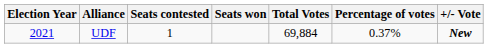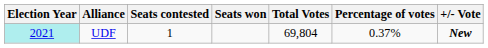 <table class="wikitable" style="text-align:center">
 <tr>
 <th Style="background-color:">Election Year</th>
 <th Style="background-color:">Alliance</th>
 <th Style="background-color:">Seats contested</th>
 <th Style="background-color:">Seats won</th>
 <th Style="background-color:">Total Votes</th>
 <th Style="background-color:">Percentage of votes</th>
 <th Style="background-color:">+/- Vote</th>
 </tr>
 <tr>
-<td><a href='#'>2021</a></td>
+<td style="background: paleturquoise;"><a href='#'>2021</a></td>
 <td><a href='#'>UDF</a></td>
 <td>1</td>
 <td></td>
-<td>69,884</td>
+<td>69,804</td>
 <td>0.37%</td>
 <td><strong><em>New</em></strong></td>
 </tr>
 </table>
